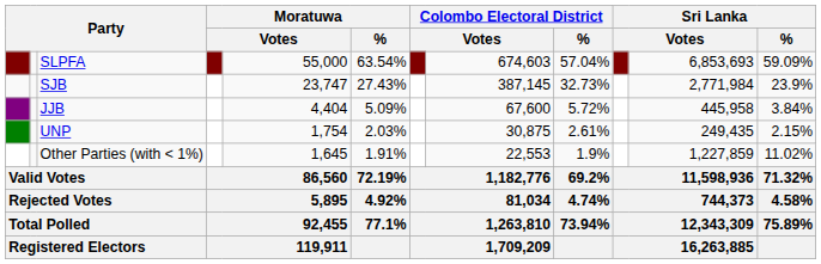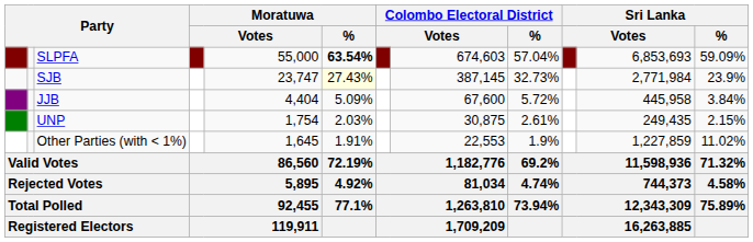 <table class="wikitable">
 <tr>
 <th colspan="3" width="144px"rowspan="2">Party</th>
 <th colspan="3" width="216px">Moratuwa</th>
 <th colspan="3" width="216px"><a href='#'>Colombo Electoral District</a></th>
 <th colspan="3" width="216px">Sri Lanka</th>
 </tr>
 <tr>
 <th colspan="2" width="144px">Votes</th>
 <th>%</th>
 <th colspan="2" width="144px">Votes</th>
 <th>%</th>
 <th colspan="2" width="144px">Votes</th>
 <th>%</th>
 </tr>
 <tr>
 <td style="background-color:maroon;" width="20px"></td>
 <td></td>
 <td style="text-align:left;"><a href='#'>SLPFA</a></td>
 <td style="background-color:maroon;" width="10px"></td>
 <td style="text-align:right;">55,000</td>
-<td style="text-align:right;">63.54%</td>
+<td style="text-align:right;"><strong>63.54%</strong></td>
 <td style="background-color:maroon;" width="10px"></td>
 <td style="text-align:right;">674,603</td>
 <td style="text-align:right;">57.04%</td>
 <td style="background-color:maroon;" width="10px"></td>
 <td style="text-align:right;">6,853,693</td>
 <td style="text-align:right;">59.09%</td>
 </tr>
 <tr>
 <td style="background-color:"></td>
 <td></td>
 <td style="text-align:left;"><a href='#'>SJB</a></td>
 <td style="background-color:white;" width="10px"></td>
 <td style="text-align:right;">23,747</td>
-<td style="text-align:right;">27.43%</td>
+<td style="background: lightyellow; text-align:right;">27.43%</td>
 <td style="background-color:white;" width="10px"></td>
 <td style="text-align:right;">387,145</td>
 <td style="text-align:right;">32.73%</td>
 <td style="background-color:white;" width="10px"></td>
 <td style="text-align:right;">2,771,984</td>
 <td style="text-align:right;">23.9%</td>
 </tr>
 <tr>
 <td style="background-color:purple;" width="20px"></td>
 <td></td>
 <td style="text-align:left;"><a href='#'>JJB</a></td>
 <td style="background-color:white;" width="10px"></td>
 <td style="text-align:right;">4,404</td>
 <td style="text-align:right;">5.09%</td>
 <td style="background-color:white;" width="10px"></td>
 <td style="text-align:right;">67,600</td>
 <td style="text-align:right;">5.72%</td>
 <td style="background-color:white;" width="10px"></td>
 <td style="text-align:right;">445,958</td>
 <td style="text-align:right;">3.84%</td>
 </tr>
 <tr>
 <td style="background-color:green;" width="20px"></td>
 <td></td>
 <td style="text-align:left;"><a href='#'>UNP</a></td>
 <td style="background-color:white;" width="10px"></td>
 <td style="text-align:right;">1,754</td>
 <td style="text-align:right;">2.03%</td>
 <td style="background-color:white;" width="10px"></td>
 <td style="text-align:right;">30,875</td>
 <td style="text-align:right;">2.61%</td>
 <td style="background-color:white;" width="10px"></td>
 <td style="text-align:right;">249,435</td>
 <td style="text-align:right;">2.15%</td>
 </tr>
 <tr>
 <td style="background-color:white;" width="20px"></td>
 <td></td>
 <td style="text-align:left;">Other Parties (with < 1%)</td>
 <td style="background-color:white;" width="10px"></td>
 <td style="text-align:right;">1,645</td>
 <td style="text-align:right;">1.91%</td>
 <td style="background-color:white;" width="10px"></td>
 <td style="text-align:right;">22,553</td>
 <td style="text-align:right;">1.9%</td>
 <td style="background-color:white;" width="10px"></td>
 <td style="text-align:right;">1,227,859</td>
 <td style="text-align:right;">11.02%</td>
 </tr>
 <tr>
 <th colspan="3" width="144px"style="text-align:left;">Valid Votes</th>
 <th style="text-align:right;"colspan="2" width="144px">86,560</th>
 <th style="text-align:right;">72.19%</th>
 <th style="text-align:right;"colspan="2" width="144px">1,182,776</th>
 <th style="text-align:right;">69.2%</th>
 <th style="text-align:right;"colspan="2" width="144px">11,598,936</th>
 <th style="text-align:right;">71.32%</th>
 </tr>
 <tr>
 <th colspan="3" width="144px"style="text-align:left;">Rejected Votes</th>
 <th style="text-align:right;"colspan="2" width="144px">5,895</th>
 <th style="text-align:right;">4.92%</th>
 <th style="text-align:right;"colspan="2" width="144px">81,034</th>
 <th style="text-align:right;">4.74%</th>
 <th style="text-align:right;"colspan="2" width="144px">744,373</th>
 <th style="text-align:right;">4.58%</th>
 </tr>
 <tr>
 <th colspan="3" width="144px"style="text-align:left;">Total Polled</th>
 <th style="text-align:right;"colspan="2" width="144px">92,455</th>
 <th style="text-align:right;">77.1%</th>
 <th style="text-align:right;"colspan="2" width="144px">1,263,810</th>
 <th style="text-align:right;">73.94%</th>
 <th style="text-align:right;"colspan="2" width="144px">12,343,309</th>
 <th style="text-align:right;">75.89%</th>
 </tr>
 <tr>
 <th colspan="3" width="144px"style="text-align:left;">Registered Electors</th>
 <th style="text-align:right;"colspan="2" width="144px">119,911</th>
 <th></th>
 <th style="text-align:right;"colspan="2" width="144px">1,709,209</th>
 <th></th>
 <th style="text-align:right;"colspan="2" width="144px">16,263,885</th>
 <th></th>
 </tr>
 </table>
